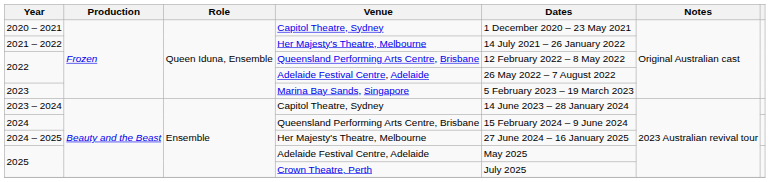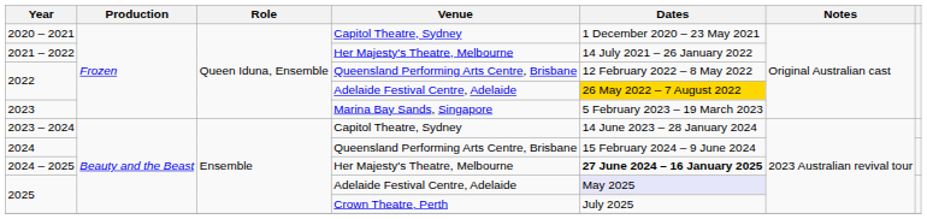 <table class="wikitable sortable">
 <tr>
 <th>Year</th>
 <th>Production</th>
 <th>Role</th>
 <th>Venue</th>
 <th>Dates</th>
 <th class="unsortable">Notes</th>
 <th></th>
 </tr>
 <tr>
 <td>2020 – 2021</td>
 <td rowspan="5"><em><a href='#'>Frozen</a></em></td>
 <td rowspan="5">Queen Iduna, Ensemble</td>
 <td><a href='#'>Capitol Theatre, Sydney</a></td>
 <td>1 December 2020 – 23 May 2021</td>
 <td rowspan="5">Original Australian cast</td>
 <td style="text-align:center;" rowspan="5"></td>
 </tr>
 <tr>
 <td>2021 – 2022</td>
 <td><a href='#'>Her Majesty's Theatre, Melbourne</a></td>
 <td>14 July 2021 – 26 January 2022</td>
 </tr>
 <tr>
 <td rowspan="2">2022</td>
 <td><a href='#'>Queensland Performing Arts Centre</a>, <a href='#'>Brisbane</a></td>
 <td>12 February 2022 – 8 May 2022</td>
 </tr>
 <tr>
 <td><a href='#'>Adelaide Festival Centre</a>, <a href='#'>Adelaide</a></td>
-<td>26 May 2022 – 7 August 2022</td>
+<td style="background: gold;">26 May 2022 – 7 August 2022</td>
 </tr>
 <tr>
 <td>2023</td>
 <td><a href='#'>Marina Bay Sands</a>, <a href='#'>Singapore</a></td>
 <td>5 February 2023 – 19 March 2023</td>
 </tr>
 <tr>
 <td>2023 – 2024</td>
 <td rowspan="5"><em><a href='#'>Beauty and the Beast</a></em></td>
 <td rowspan="5">Ensemble</td>
 <td>Capitol Theatre, Sydney</td>
 <td>14 June 2023 – 28 January 2024</td>
 <td rowspan="5">2023 Australian revival tour</td>
 <td style="text-align:center;"></td>
 </tr>
 <tr>
 <td>2024</td>
 <td>Queensland Performing Arts Centre, Brisbane</td>
 <td>15 February 2024 – 9 June 2024</td>
 <td style="text-align:center;" rowspan="2"></td>
 </tr>
 <tr>
 <td>2024 – 2025</td>
 <td>Her Majesty's Theatre, Melbourne</td>
-<td>27 June 2024 – 16 January 2025</td>
+<td><strong>27 June 2024 – 16 January 2025</strong></td>
 </tr>
 <tr>
 <td rowspan="2">2025</td>
 <td>Adelaide Festival Centre, Adelaide</td>
-<td>May 2025</td>
+<td style="background: lavender;">May 2025</td>
 <td style="text-align:center;" rowspan="2"></td>
 </tr>
 <tr>
 <td><a href='#'>Crown Theatre, Perth</a></td>
 <td>July 2025</td>
 </tr>
 <tr>
 </tr>
 </table>
